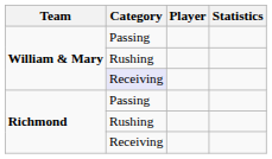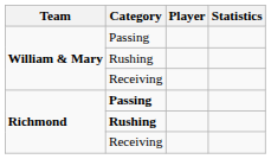 <table class="wikitable" style="float: right;">
 <tr>
 <th>Team</th>
 <th>Category</th>
 <th>Player</th>
 <th>Statistics</th>
 </tr>
 <tr>
 <td rowspan=3><strong>William & Mary</strong></td>
 <td>Passing</td>
 <td></td>
 <td></td>
 </tr>
 <tr>
 <td>Rushing</td>
 <td></td>
 <td></td>
 </tr>
 <tr>
-<td style="background: lavender;">Receiving</td>
+<td>Receiving</td>
 <td></td>
 <td></td>
 </tr>
 <tr>
 <td rowspan=3><strong>Richmond</strong></td>
-<td>Passing</td>
+<td><strong>Passing</strong></td>
 <td></td>
 <td></td>
 </tr>
 <tr>
-<td>Rushing</td>
+<td><strong>Rushing</strong></td>
 <td></td>
 <td></td>
 </tr>
 <tr>
 <td>Receiving</td>
 <td></td>
 <td></td>
 </tr>
 </table>
